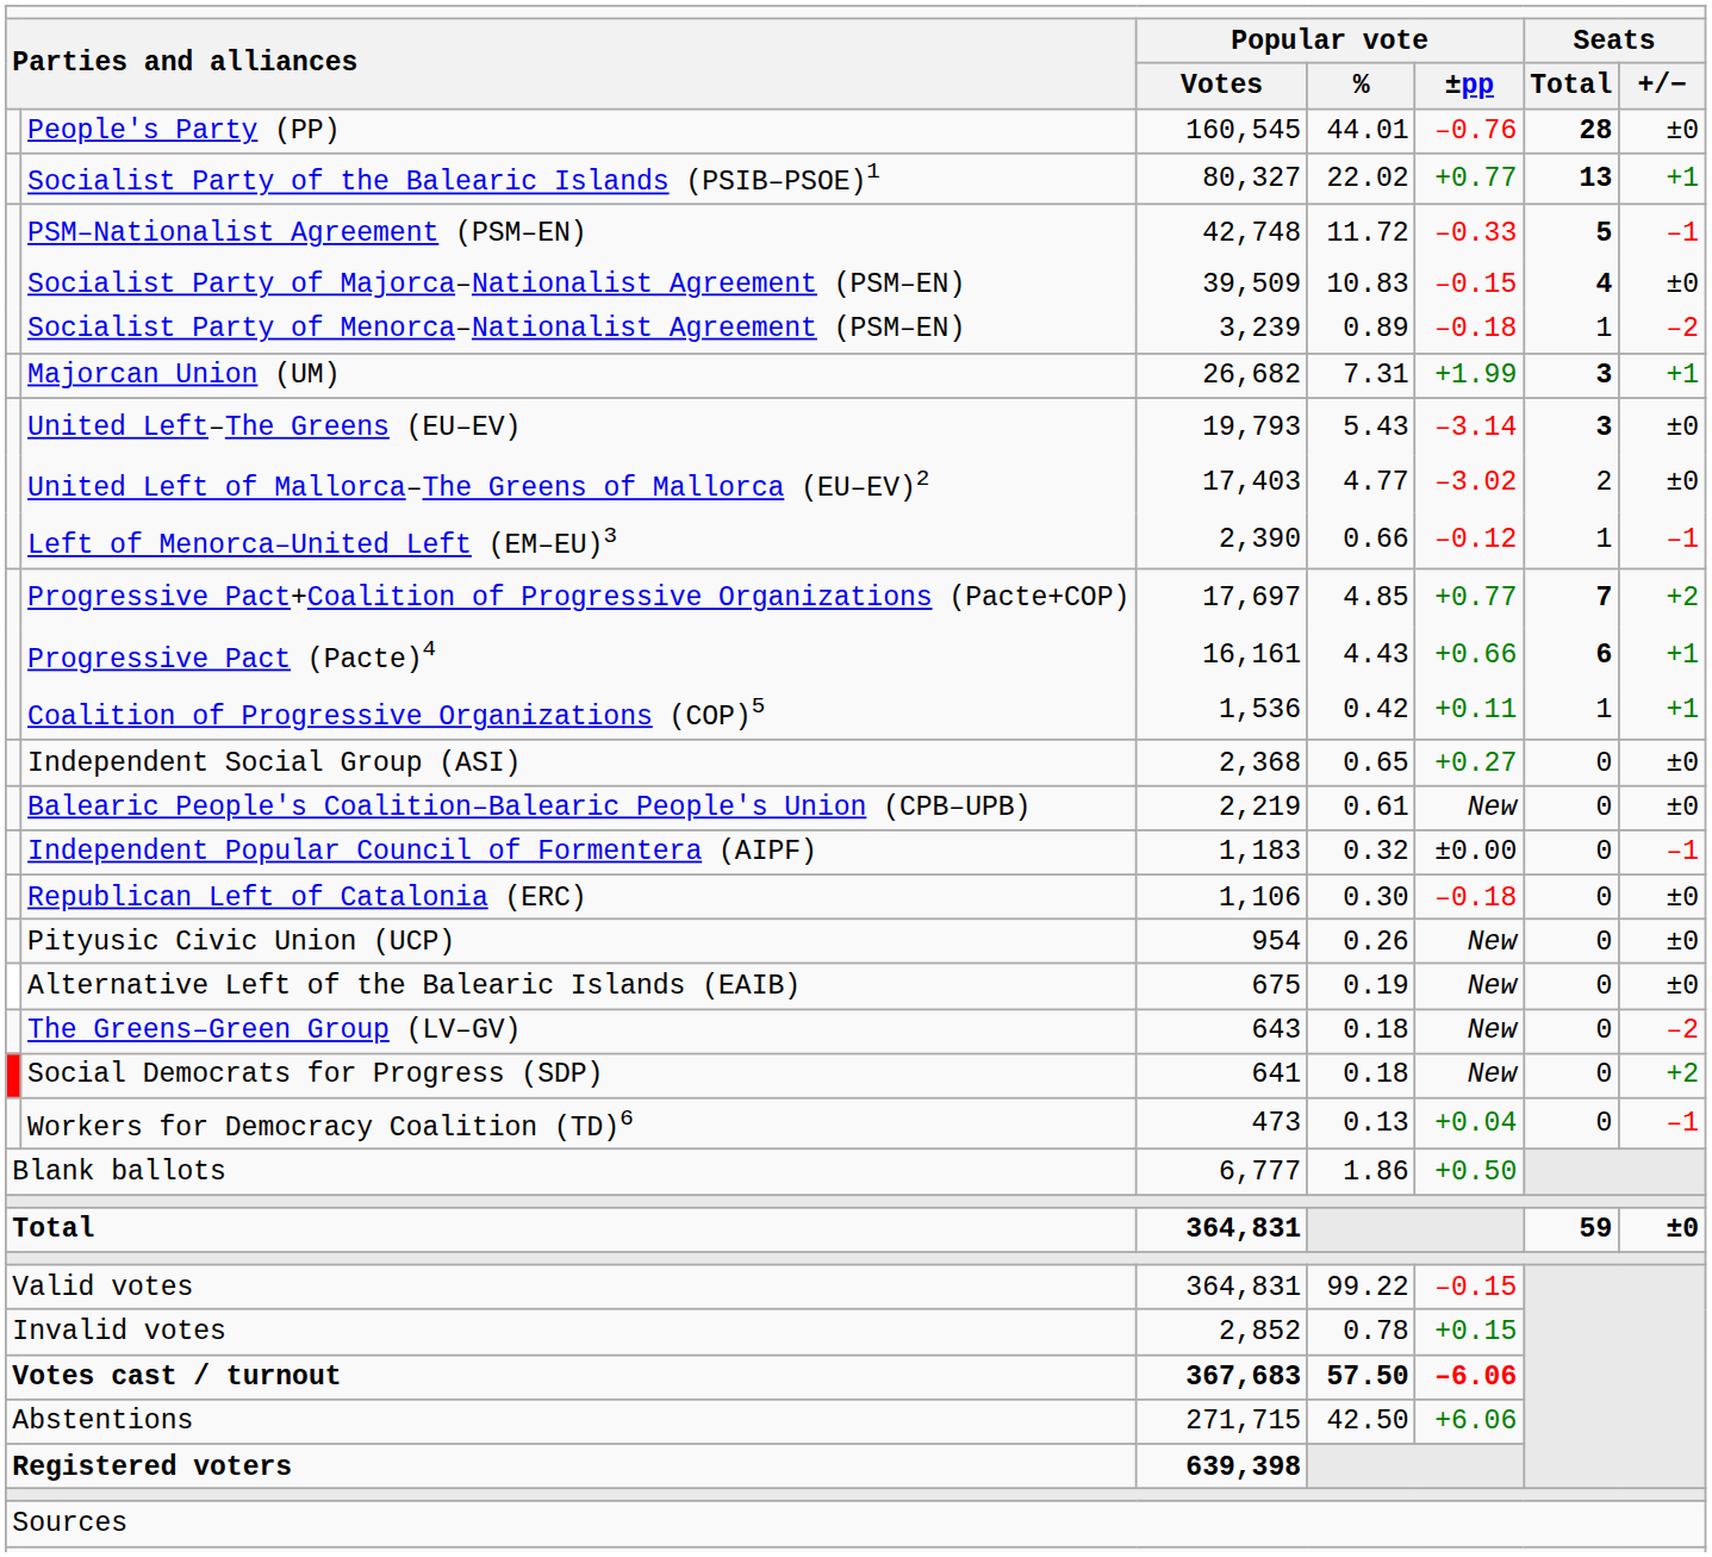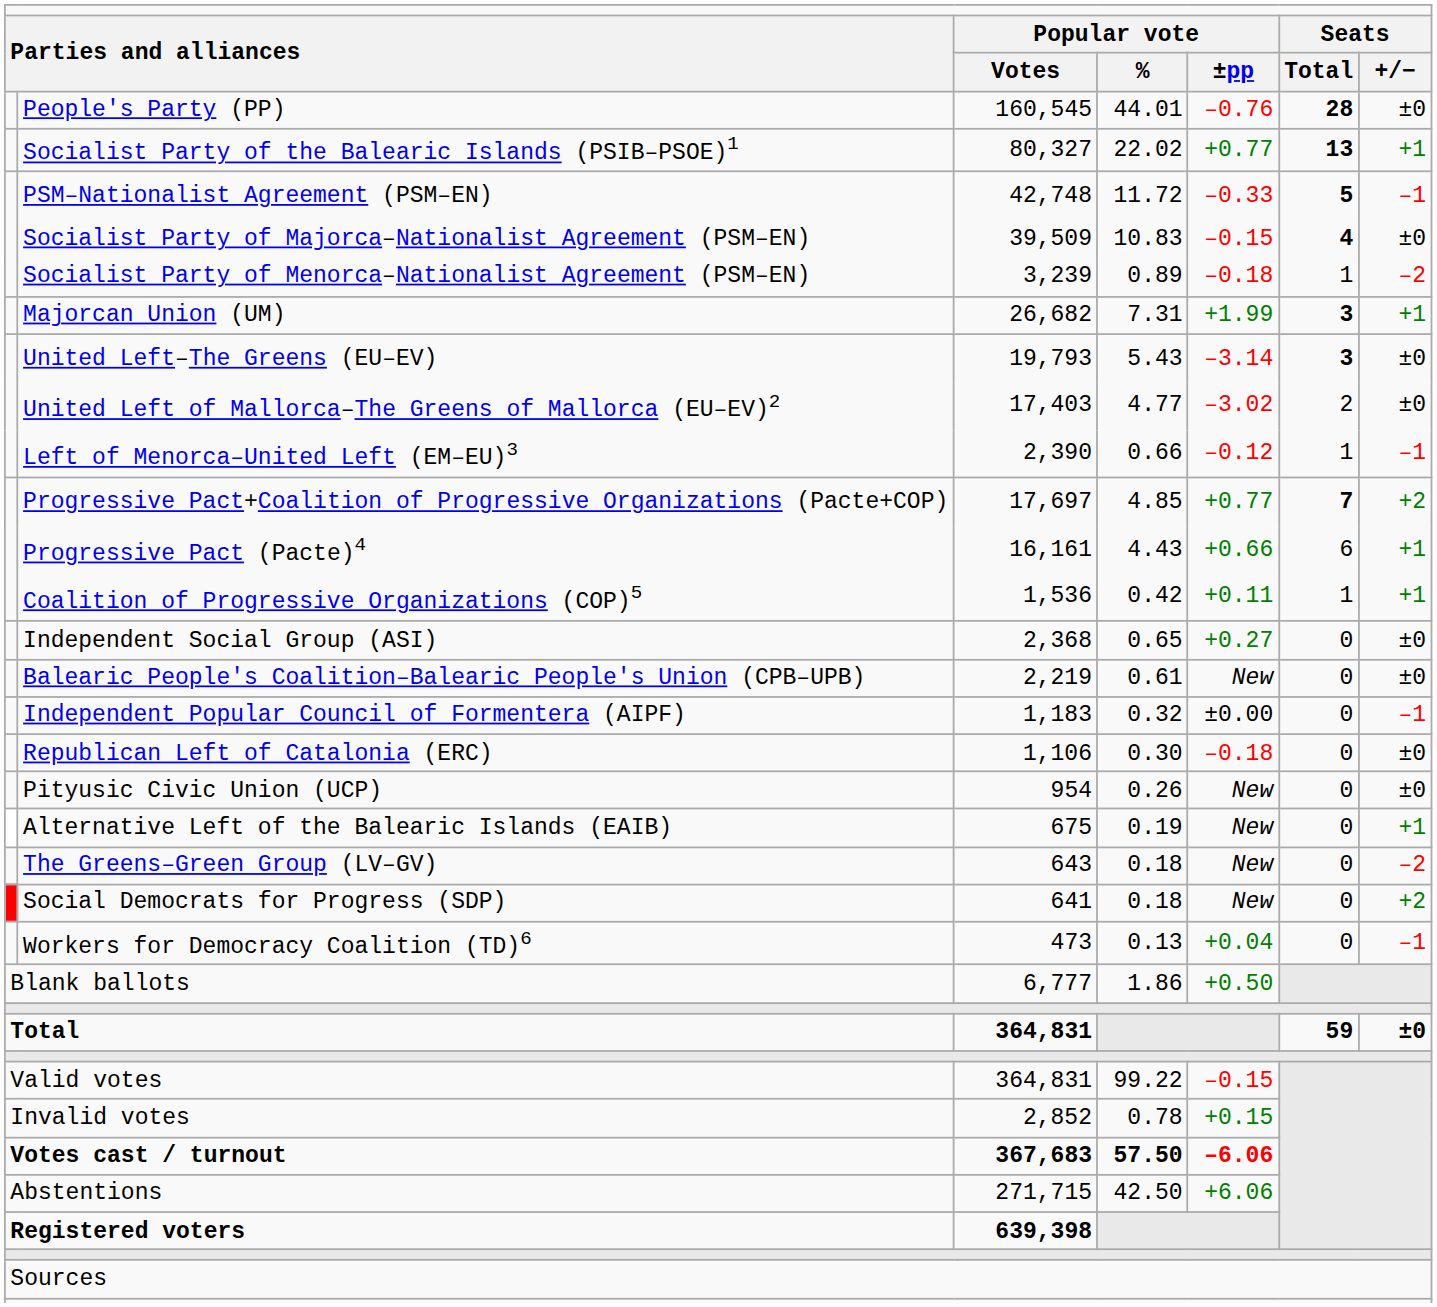 <table class="wikitable" style="text-align:right;">
 <tr>
 <td colspan="7"></td>
 </tr>
 <tr>
 <th style="text-align:left;" rowspan="2" colspan="2" width="525">Parties and alliances</th>
 <th colspan="3">Popular vote</th>
 <th colspan="2">Seats</th>
 </tr>
 <tr>
 <th width="75">Votes</th>
 <th width="45">%</th>
 <th width="45">±<a href='#'>pp</a></th>
 <th width="35">Total</th>
 <th width="35">+/−</th>
 </tr>
 <tr>
 <td width="1" style="color:inherit;background:"></td>
 <td align="left"><a href='#'>People's Party</a> (PP)</td>
 <td>160,545</td>
 <td>44.01</td>
 <td style="color:red;">–0.76</td>
 <td><strong>28</strong></td>
 <td>±0</td>
 </tr>
 <tr>
 <td style="color:inherit;background:"></td>
 <td align="left"><a href='#'>Socialist Party of the Balearic Islands</a> (PSIB–PSOE)<sup>1</sup></td>
 <td>80,327</td>
 <td>22.02</td>
 <td style="color:green;">+0.77</td>
 <td><strong>13</strong></td>
 <td style="color:green;">+1</td>
 </tr>
 <tr style="line-height:22px;">
 <td rowspan="3" style="color:inherit;background:"></td>
 <td align="left"><a href='#'>PSM–Nationalist Agreement</a> (PSM–EN)</td>
 <td>42,748</td>
 <td>11.72</td>
 <td style="color:red;">–0.33</td>
 <td><strong>5</strong></td>
 <td style="color:red;">–1</td>
 </tr>
 <tr style="border-bottom-style:hidden; border-top-style:hidden; line-height:16px;">
 <td align="left"><span><a href='#'>Socialist Party of Majorca</a>–<a href='#'>Nationalist Agreement</a> (PSM–EN)</span></td>
 <td>39,509</td>
 <td>10.83</td>
 <td style="color:red;">–0.15</td>
 <td><strong>4</strong></td>
 <td>±0</td>
 </tr>
 <tr style="line-height:16px;">
 <td align="left"><span><a href='#'>Socialist Party of Menorca</a>–<a href='#'>Nationalist Agreement</a> (PSM–EN)</span></td>
 <td>3,239</td>
 <td>0.89</td>
 <td style="color:red;">–0.18</td>
 <td>1</td>
 <td style="color:red;">–2</td>
 </tr>
 <tr>
 <td style="color:inherit;background:"></td>
 <td align="left"><a href='#'>Majorcan Union</a> (UM)</td>
 <td>26,682</td>
 <td>7.31</td>
 <td style="color:green;">+1.99</td>
 <td><strong>3</strong></td>
 <td style="color:green;">+1</td>
 </tr>
 <tr style="line-height:22px;">
 <td rowspan="3" style="color:inherit;background:"></td>
 <td align="left"><a href='#'>United Left</a>–<a href='#'>The Greens</a> (EU–EV)</td>
 <td>19,793</td>
 <td>5.43</td>
 <td style="color:red;">–3.14</td>
 <td><strong>3</strong></td>
 <td>±0</td>
 </tr>
 <tr style="border-bottom-style:hidden; border-top-style:hidden; line-height:16px;">
 <td align="left"><span><a href='#'>United Left of Mallorca</a>–<a href='#'>The Greens of Mallorca</a> (EU–EV)<sup>2</sup></span></td>
 <td>17,403</td>
 <td>4.77</td>
 <td style="color:red;">–3.02</td>
 <td>2</td>
 <td>±0</td>
 </tr>
 <tr style="line-height:16px;">
 <td align="left"><span><a href='#'>Left of Menorca–United Left</a> (EM–EU)<sup>3</sup></span></td>
 <td>2,390</td>
 <td>0.66</td>
 <td style="color:red;">–0.12</td>
 <td>1</td>
 <td style="color:red;">–1</td>
 </tr>
 <tr style="line-height:22px;">
 <td rowspan="3" style="color:inherit;background:"></td>
 <td align="left"><a href='#'>Progressive Pact</a>+<a href='#'>Coalition of Progressive Organizations</a> (Pacte+COP)</td>
 <td>17,697</td>
 <td>4.85</td>
 <td style="color:green;">+0.77</td>
 <td><strong>7</strong></td>
 <td style="color:green;">+2</td>
 </tr>
 <tr style="border-bottom-style:hidden; border-top-style:hidden; line-height:16px;">
 <td align="left"><span><a href='#'>Progressive Pact</a> (Pacte)<sup>4</sup></span></td>
 <td>16,161</td>
 <td>4.43</td>
 <td style="color:green;">+0.66</td>
-<td><strong>6</strong></td>
+<td>6</td>
 <td style="color:green;">+1</td>
 </tr>
 <tr style="line-height:16px;">
 <td align="left"><span><a href='#'>Coalition of Progressive Organizations</a> (COP)<sup>5</sup></span></td>
 <td>1,536</td>
 <td>0.42</td>
 <td style="color:green;">+0.11</td>
 <td>1</td>
 <td style="color:green;">+1</td>
 </tr>
 <tr>
 <td style="color:inherit;background:"></td>
 <td align="left">Independent Social Group (ASI)</td>
 <td>2,368</td>
 <td>0.65</td>
 <td style="color:green;">+0.27</td>
 <td>0</td>
 <td>±0</td>
 </tr>
 <tr>
 <td style="color:inherit;background:"></td>
 <td align="left"><a href='#'>Balearic People's Coalition–Balearic People's Union</a> (CPB–UPB)</td>
 <td>2,219</td>
 <td>0.61</td>
 <td><em>New</em></td>
 <td>0</td>
 <td>±0</td>
 </tr>
 <tr>
 <td style="color:inherit;background:"></td>
 <td align="left"><a href='#'>Independent Popular Council of Formentera</a> (AIPF)</td>
 <td>1,183</td>
 <td>0.32</td>
 <td>±0.00</td>
 <td>0</td>
 <td style="color:red;">–1</td>
 </tr>
 <tr>
 <td style="color:inherit;background:"></td>
 <td align="left"><a href='#'>Republican Left of Catalonia</a> (ERC)</td>
 <td>1,106</td>
 <td>0.30</td>
 <td style="color:red;">–0.18</td>
 <td>0</td>
 <td>±0</td>
 </tr>
 <tr>
 <td style="color:inherit;background:"></td>
 <td align="left">Pityusic Civic Union (UCP)</td>
 <td>954</td>
 <td>0.26</td>
 <td><em>New</em></td>
 <td>0</td>
 <td>±0</td>
 </tr>
 <tr>
 <td bgcolor="white"></td>
 <td align="left">Alternative Left of the Balearic Islands (EAIB)</td>
 <td>675</td>
 <td>0.19</td>
 <td><em>New</em></td>
 <td>0</td>
-<td>±0</td>
+<td style="color:green;">+1</td>
 </tr>
 <tr>
 <td style="color:inherit;background:"></td>
 <td align="left"><a href='#'>The Greens–Green Group</a> (LV–GV)</td>
 <td>643</td>
 <td>0.18</td>
 <td><em>New</em></td>
 <td>0</td>
 <td style="color:red;">–2</td>
 </tr>
 <tr>
 <td bgcolor="red"></td>
 <td align="left">Social Democrats for Progress (SDP)</td>
 <td>641</td>
 <td>0.18</td>
 <td><em>New</em></td>
 <td>0</td>
 <td style="color:green;">+2</td>
 </tr>
 <tr>
 <td style="color:inherit;background:"></td>
 <td align="left">Workers for Democracy Coalition (TD)<sup>6</sup></td>
 <td>473</td>
 <td>0.13</td>
 <td style="color:green;">+0.04</td>
 <td>0</td>
 <td style="color:red;">–1</td>
 </tr>
 <tr>
 <td align="left" colspan="2">Blank ballots</td>
 <td>6,777</td>
 <td>1.86</td>
 <td style="color:green;">+0.50</td>
 <td bgcolor="#E9E9E9" colspan="2"></td>
 </tr>
 <tr>
 <td colspan="7" bgcolor="#E9E9E9"></td>
 </tr>
 <tr style="font-weight:bold;">
 <td align="left" colspan="2">Total</td>
 <td>364,831</td>
 <td bgcolor="#E9E9E9" colspan="2"></td>
 <td>59</td>
 <td>±0</td>
 </tr>
 <tr>
 <td colspan="7" bgcolor="#E9E9E9"></td>
 </tr>
 <tr>
 <td align="left" colspan="2">Valid votes</td>
 <td>364,831</td>
 <td>99.22</td>
 <td style="color:red;">–0.15</td>
 <td bgcolor="#E9E9E9" colspan="2" rowspan="5"></td>
 </tr>
 <tr>
 <td align="left" colspan="2">Invalid votes</td>
 <td>2,852</td>
 <td>0.78</td>
 <td style="color:green;">+0.15</td>
 </tr>
 <tr style="font-weight:bold;">
 <td align="left" colspan="2">Votes cast / turnout</td>
 <td>367,683</td>
 <td>57.50</td>
 <td style="color:red;">–6.06</td>
 </tr>
 <tr>
 <td align="left" colspan="2">Abstentions</td>
 <td>271,715</td>
 <td>42.50</td>
 <td style="color:green;">+6.06</td>
 </tr>
 <tr style="font-weight:bold;">
 <td align="left" colspan="2">Registered voters</td>
 <td>639,398</td>
 <td bgcolor="#E9E9E9" colspan="2"></td>
 </tr>
 <tr>
 <td colspan="7" bgcolor="#E9E9E9"></td>
 </tr>
 <tr>
 <td align="left" colspan="7">Sources</td>
 </tr>
 <tr>
 <td colspan="7" style="text-align:left; max-width:790px;"></td>
 </tr>
 </table>
